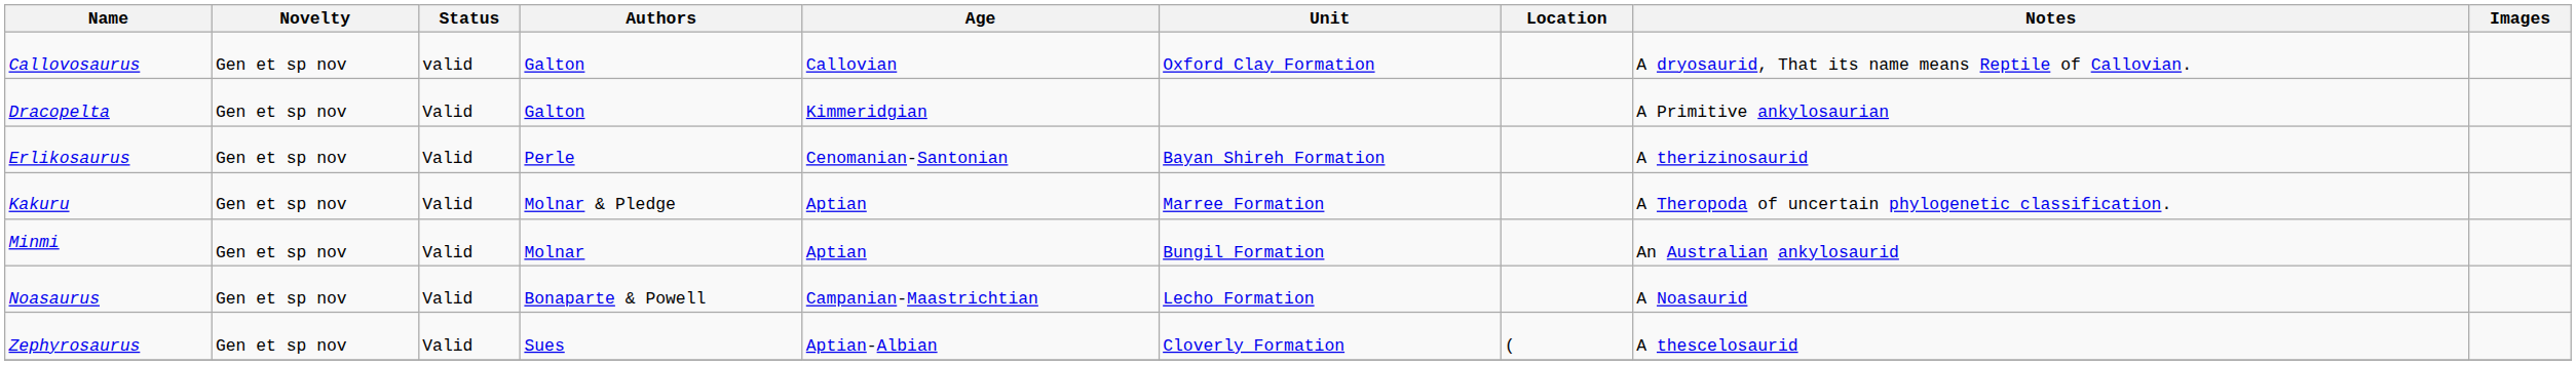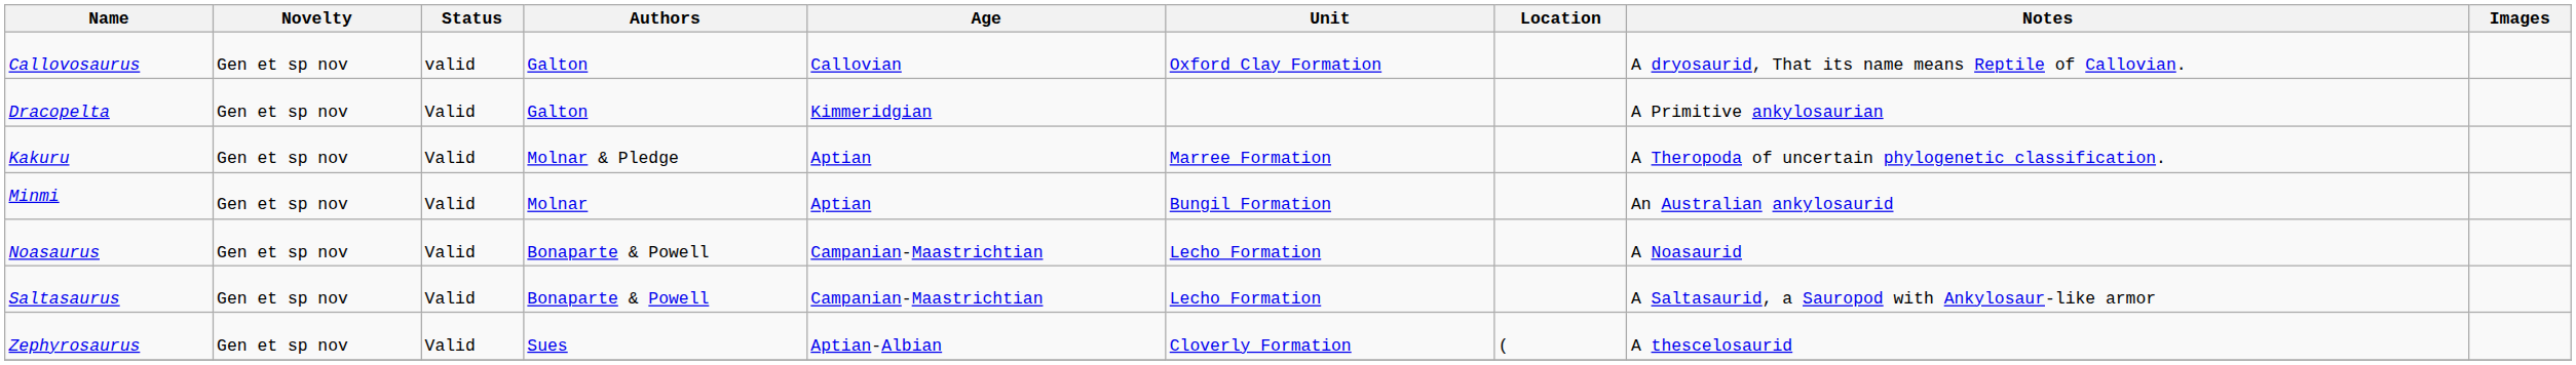 <table class="wikitable sortable" align="center" width="100%">
 <tr>
 <th>Name</th>
 <th>Novelty</th>
 <th>Status</th>
 <th>Authors</th>
 <th>Age</th>
 <th>Unit</th>
 <th>Location</th>
 <th>Notes</th>
 <th>Images</th>
 </tr>
 <tr>
 <td><br><em><a href='#'>Callovosaurus</a></em></td>
 <td><br>Gen et sp nov</td>
 <td><br>valid</td>
 <td><br><a href='#'>Galton</a></td>
 <td><br><a href='#'>Callovian</a></td>
 <td><br><a href='#'>Oxford Clay Formation</a></td>
 <td><br></td>
 <td><br>A <a href='#'>dryosaurid</a>, That its name means <a href='#'>Reptile</a> of <a href='#'>Callovian</a>.</td>
 <td></td>
 </tr>
 <tr>
 <td><br><em><a href='#'>Dracopelta</a></em></td>
 <td><br>Gen et sp nov</td>
 <td><br>Valid</td>
 <td><br><a href='#'>Galton</a></td>
 <td><br><a href='#'>Kimmeridgian</a></td>
 <td></td>
 <td><br></td>
 <td><br>A Primitive <a href='#'>ankylosaurian</a></td>
 <td></td>
 </tr>
 <tr>
-<td><br><em><a href='#'>Erlikosaurus</a></em></td>
-<td><br>Gen et sp nov</td>
-<td><br>Valid</td>
-<td><br><a href='#'>Perle</a></td>
-<td><br><a href='#'>Cenomanian</a>-<a href='#'>Santonian</a></td>
-<td><br><a href='#'>Bayan Shireh Formation</a></td>
-<td><br></td>
-<td><br>A <a href='#'>therizinosaurid</a></td>
-<td><br></td>
-</tr>
-<tr>
 <td><br><em><a href='#'>Kakuru</a></em></td>
 <td><br>Gen et sp nov</td>
 <td><br>Valid</td>
 <td><br><a href='#'>Molnar</a> & Pledge</td>
 <td><br><a href='#'>Aptian</a></td>
 <td><br><a href='#'>Marree Formation</a></td>
 <td><br></td>
 <td><br>A <a href='#'>Theropoda</a> of uncertain <a href='#'>phylogenetic classification</a>.</td>
 <td></td>
 </tr>
 <tr>
 <td><em><a href='#'>Minmi</a></em></td>
 <td><br>Gen et sp nov</td>
 <td><br>Valid</td>
 <td><br><a href='#'>Molnar</a></td>
 <td><br><a href='#'>Aptian</a></td>
 <td><br><a href='#'>Bungil Formation</a></td>
 <td><br></td>
 <td><br>An <a href='#'>Australian</a> <a href='#'>ankylosaurid</a></td>
 <td><br></td>
 </tr>
 <tr>
 <td><br><em><a href='#'>Noasaurus</a></em></td>
 <td><br>Gen et sp nov</td>
 <td><br>Valid</td>
 <td><br><a href='#'>Bonaparte</a> & Powell</td>
 <td><br><a href='#'>Campanian</a>-<a href='#'>Maastrichtian</a></td>
 <td><br><a href='#'>Lecho Formation</a></td>
 <td><br></td>
 <td><br>A <a href='#'>Noasaurid</a></td>
 <td></td>
 </tr>
 <tr>
+<td><br><em><a href='#'>Saltasaurus</a></em></td>
+<td><br>Gen et sp nov</td>
+<td><br>Valid</td>
+<td><br><a href='#'>Bonaparte</a> & <a href='#'>Powell</a></td>
+<td><br><a href='#'>Campanian</a>-<a href='#'>Maastrichtian</a></td>
+<td><br><a href='#'>Lecho Formation</a></td>
+<td><br></td>
+<td><br>A <a href='#'>Saltasaurid</a>, a <a href='#'>Sauropod</a> with <a href='#'>Ankylosaur</a>-like armor</td>
+<td><br></td>
+</tr>
+<tr>
 <td><br><em><a href='#'>Zephyrosaurus</a></em></td>
 <td><br>Gen et sp nov</td>
 <td><br>Valid</td>
 <td><br><a href='#'>Sues</a></td>
 <td><br><a href='#'>Aptian</a>-<a href='#'>Albian</a></td>
 <td><br><a href='#'>Cloverly Formation</a></td>
 <td><br> (  </td>
 <td><br>A <a href='#'>thescelosaurid</a></td>
 <td></td>
 </tr>
 <tr>
 </tr>
 </table>
